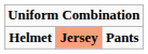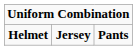 <table class="wikitable">
 <tr>
 <td align="center" Colspan="3"><strong>Uniform Combination</strong></td>
 </tr>
 <tr align="center">
 <td><strong>Helmet</strong></td>
-<td style="background: lightsalmon;"><strong>Jersey</strong></td>
+<td><strong>Jersey</strong></td>
 <td><strong>Pants</strong></td>
 </tr>
 </table>
